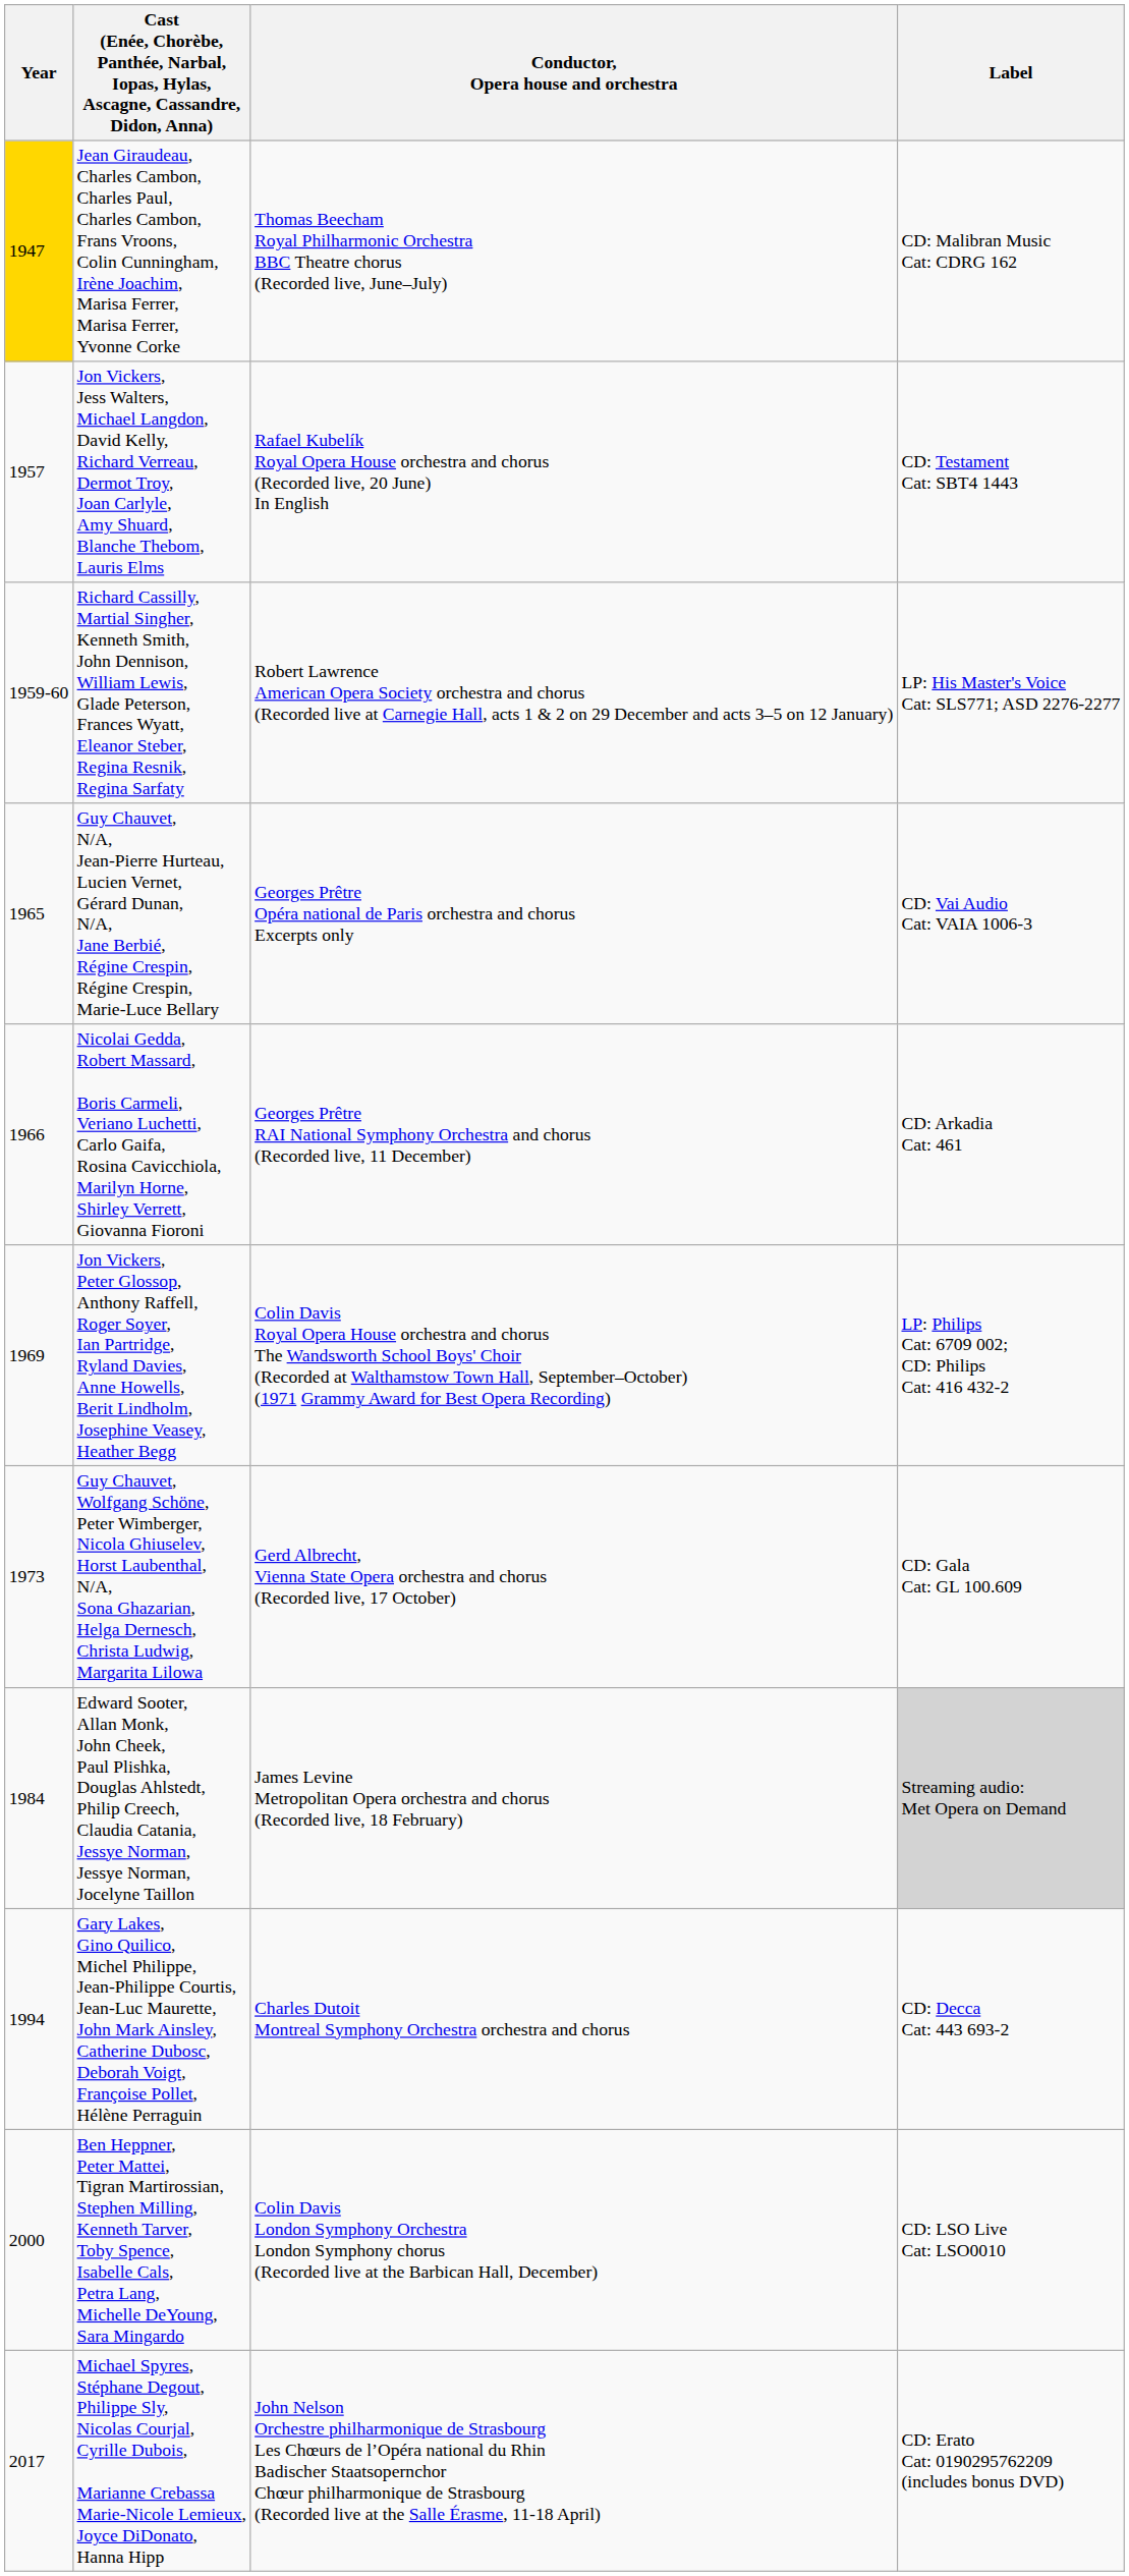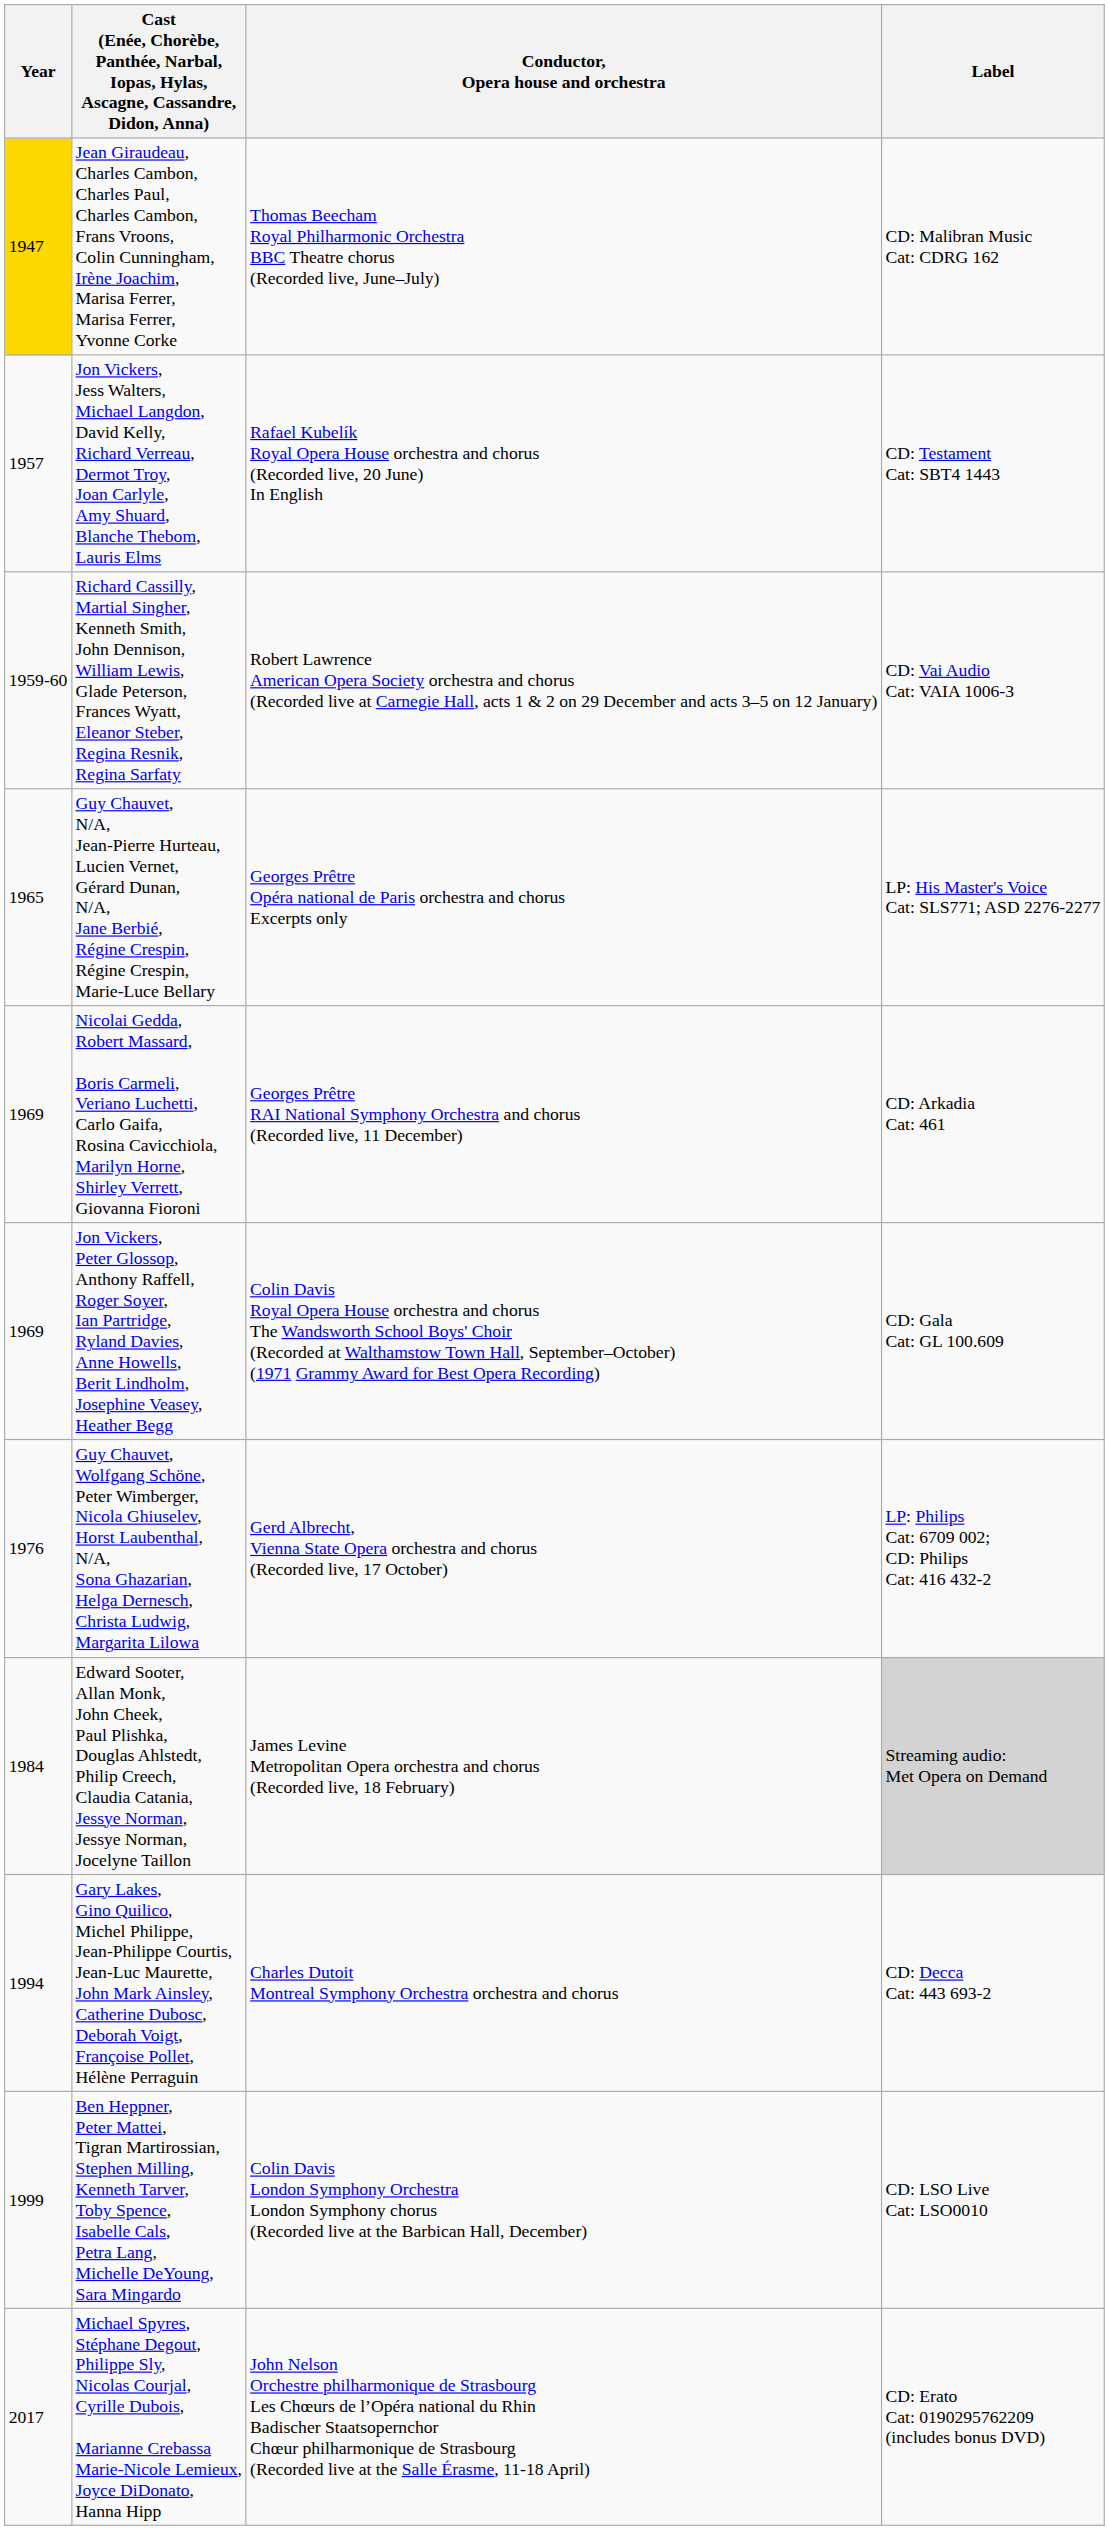 <table class="wikitable" style="font-size:95%;">
 <tr>
 <th>Year</th>
 <th>Cast<br>(Enée, Chorèbe,<br> Panthée, Narbal,<br>Iopas, Hylas,<br>Ascagne, Cassandre,<br>Didon, Anna)</th>
 <th>Conductor,<br>Opera house and orchestra</th>
 <th>Label</th>
 </tr>
 <tr>
 <td style="background: gold;">1947</td>
 <td><a href='#'>Jean Giraudeau</a>,<br>Charles Cambon,<br>Charles Paul,<br>Charles Cambon,<br>Frans Vroons,<br>Colin Cunningham,<br><a href='#'>Irène Joachim</a>,<br>Marisa Ferrer,<br>Marisa Ferrer,<br>Yvonne Corke</td>
 <td><a href='#'>Thomas Beecham</a><br><a href='#'>Royal Philharmonic Orchestra</a><br><a href='#'>BBC</a> Theatre chorus<br>(Recorded live, June–July)</td>
 <td>CD: Malibran Music<br>Cat: CDRG 162</td>
 </tr>
 <tr>
 <td>1957</td>
 <td><a href='#'>Jon Vickers</a>,<br>Jess Walters,<br><a href='#'>Michael Langdon</a>,<br>David Kelly,<br><a href='#'>Richard Verreau</a>,<br><a href='#'>Dermot Troy</a>,<br><a href='#'>Joan Carlyle</a>,<br><a href='#'>Amy Shuard</a>,<br><a href='#'>Blanche Thebom</a>,<br><a href='#'>Lauris Elms</a></td>
 <td><a href='#'>Rafael Kubelík</a><br><a href='#'>Royal Opera House</a> orchestra and chorus<br>(Recorded live, 20 June) <br>In English</td>
 <td>CD: <a href='#'>Testament</a><br>Cat: SBT4 1443</td>
 </tr>
 <tr>
 <td>1959-60</td>
 <td><a href='#'>Richard Cassilly</a>,<br><a href='#'>Martial Singher</a>,<br>Kenneth Smith,<br>John Dennison,<br><a href='#'>William Lewis</a>,<br>Glade Peterson,<br>Frances Wyatt,<br><a href='#'>Eleanor Steber</a>,<br><a href='#'>Regina Resnik</a>,<br><a href='#'>Regina Sarfaty</a></td>
 <td>Robert Lawrence<br><a href='#'>American Opera Society</a> orchestra and chorus <br>(Recorded live at <a href='#'>Carnegie Hall</a>, acts 1 & 2 on 29 December and acts 3–5 on 12 January)</td>
-<td>LP: <a href='#'>His Master's Voice</a><br>Cat: SLS771; ASD 2276-2277</td>
+<td>CD: <a href='#'>Vai Audio</a><br>Cat: VAIA 1006-3</td>
 </tr>
 <tr>
 <td>1965</td>
 <td><a href='#'>Guy Chauvet</a>,<br>N/A,<br>Jean-Pierre Hurteau,<br>Lucien Vernet,<br>Gérard Dunan,<br>N/A,<br><a href='#'>Jane Berbié</a>,<br><a href='#'>Régine Crespin</a>,<br>Régine Crespin,<br>Marie-Luce Bellary</td>
 <td><a href='#'>Georges Prêtre</a><br> <a href='#'>Opéra national de Paris</a>  orchestra and chorus<br>Excerpts only</td>
-<td>CD: <a href='#'>Vai Audio</a><br>Cat: VAIA 1006-3</td>
+<td>LP: <a href='#'>His Master's Voice</a><br>Cat: SLS771; ASD 2276-2277</td>
 </tr>
 <tr>
-<td>1966</td>
+<td>1969</td>
 <td><a href='#'>Nicolai Gedda</a>,<br><a href='#'>Robert Massard</a>,<br><br><a href='#'>Boris Carmeli</a>,<br><a href='#'>Veriano Luchetti</a>,<br>Carlo Gaifa,<br>Rosina Cavicchiola,<br><a href='#'>Marilyn Horne</a>,<br><a href='#'>Shirley Verrett</a>,<br>Giovanna Fioroni</td>
 <td><a href='#'>Georges Prêtre</a><br><a href='#'>RAI National Symphony Orchestra</a> and chorus <br>(Recorded live, 11 December)</td>
 <td>CD: Arkadia<br>Cat: 461</td>
 </tr>
 <tr>
 <td>1969</td>
 <td><a href='#'>Jon Vickers</a>,<br><a href='#'>Peter Glossop</a>,<br>Anthony Raffell,<br><a href='#'>Roger Soyer</a>,<br><a href='#'>Ian Partridge</a>,<br><a href='#'>Ryland Davies</a>,<br><a href='#'>Anne Howells</a>,<br><a href='#'>Berit Lindholm</a>,<br><a href='#'>Josephine Veasey</a>,<br><a href='#'>Heather Begg</a></td>
 <td><a href='#'>Colin Davis</a><br><a href='#'>Royal Opera House</a> orchestra and chorus<br>The <a href='#'>Wandsworth School Boys' Choir</a><br>(Recorded at <a href='#'>Walthamstow Town Hall</a>, September–October)<br>(<a href='#'>1971</a> <a href='#'>Grammy Award for Best Opera Recording</a>)</td>
-<td><a href='#'>LP</a>: <a href='#'>Philips</a><br>Cat: 6709 002;<br>CD: Philips<br>Cat: 416 432-2</td>
+<td>CD: Gala<br>Cat: GL 100.609</td>
 </tr>
 <tr>
-<td>1973</td>
+<td>1976</td>
 <td><a href='#'>Guy Chauvet</a>,<br><a href='#'>Wolfgang Schöne</a>,<br>Peter Wimberger,<br><a href='#'>Nicola Ghiuselev</a>,<br><a href='#'>Horst Laubenthal</a>,<br>N/A,<br><a href='#'>Sona Ghazarian</a>,<br><a href='#'>Helga Dernesch</a>,<br><a href='#'>Christa Ludwig</a>,<br><a href='#'>Margarita Lilowa</a></td>
 <td><a href='#'>Gerd Albrecht</a>,<br><a href='#'>Vienna State Opera</a> orchestra and chorus<br>(Recorded live, 17 October)</td>
-<td>CD: Gala<br>Cat: GL 100.609</td>
+<td><a href='#'>LP</a>: <a href='#'>Philips</a><br>Cat: 6709 002;<br>CD: Philips<br>Cat: 416 432-2</td>
 </tr>
 <tr>
 <td>1984</td>
 <td>Edward Sooter,<br>Allan Monk,<br>John Cheek,<br>Paul Plishka,<br>Douglas Ahlstedt,<br>Philip Creech,<br>Claudia Catania, <br><a href='#'>Jessye Norman</a>,<br>Jessye Norman,<br>Jocelyne Taillon</td>
 <td>James Levine<br> Metropolitan Opera orchestra and chorus<br>(Recorded live, 18 February)</td>
 <td style="background: lightgrey;">Streaming audio:<br>Met Opera on Demand</td>
 </tr>
 <tr>
 <td>1994</td>
 <td><a href='#'>Gary Lakes</a>,<br><a href='#'>Gino Quilico</a>,<br> Michel Philippe,<br>Jean-Philippe Courtis, <br>Jean-Luc Maurette,<br><a href='#'>John Mark Ainsley</a>,<br><a href='#'>Catherine Dubosc</a>, <br><a href='#'>Deborah Voigt</a>, <br><a href='#'>Françoise Pollet</a>, <br>Hélène Perraguin</td>
 <td><a href='#'>Charles Dutoit</a><br><a href='#'>Montreal Symphony Orchestra</a> orchestra and chorus <br></td>
 <td>CD: <a href='#'>Decca</a><br>Cat: 443 693-2</td>
 </tr>
 <tr>
-<td>2000</td>
+<td>1999</td>
 <td><a href='#'>Ben Heppner</a>,<br><a href='#'>Peter Mattei</a>,<br>Tigran Martirossian,<br><a href='#'>Stephen Milling</a>,<br><a href='#'>Kenneth Tarver</a>,<br><a href='#'>Toby Spence</a>,<br><a href='#'>Isabelle Cals</a>,<br><a href='#'>Petra Lang</a>,<br><a href='#'>Michelle DeYoung</a>,<br><a href='#'>Sara Mingardo</a></td>
 <td><a href='#'>Colin Davis</a><br><a href='#'>London Symphony Orchestra</a><br>London Symphony chorus<br>(Recorded live at the Barbican Hall, December)</td>
 <td>CD: LSO Live<br>Cat: LSO0010</td>
 </tr>
 <tr>
 <td>2017</td>
 <td><a href='#'>Michael Spyres</a>,<br><a href='#'>Stéphane Degout</a>,<br><a href='#'>Philippe Sly</a>,<br><a href='#'>Nicolas Courjal</a>,<br><a href='#'>Cyrille Dubois</a>,<br><br><a href='#'>Marianne Crebassa</a><br><a href='#'>Marie-Nicole Lemieux</a>,<br><a href='#'>Joyce DiDonato</a>,<br>Hanna Hipp</td>
 <td><a href='#'>John Nelson</a><br><a href='#'>Orchestre philharmonique de Strasbourg</a><br>Les Chœurs de l’Opéra national du Rhin<br>Badischer Staatsopernchor<br>Chœur philharmonique de Strasbourg <br>(Recorded live at the <a href='#'>Salle Érasme</a>, 11-18 April)</td>
 <td>CD: Erato<br>Cat: 0190295762209<br>(includes bonus DVD)</td>
 </tr>
 </table>
